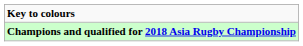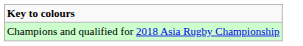 <table class="wikitable" style="font-size:85%;">
 <tr>
 <td><strong>Key to colours</strong></td>
 </tr>
 <tr style="width:10px; background:#cfc;">
-<td><strong>Champions and qualified for <a href='#'>2018 Asia Rugby Championship</a></strong></td>
+<td>Champions and qualified for <a href='#'>2018 Asia Rugby Championship</a></td>
 </tr>
 </table>
